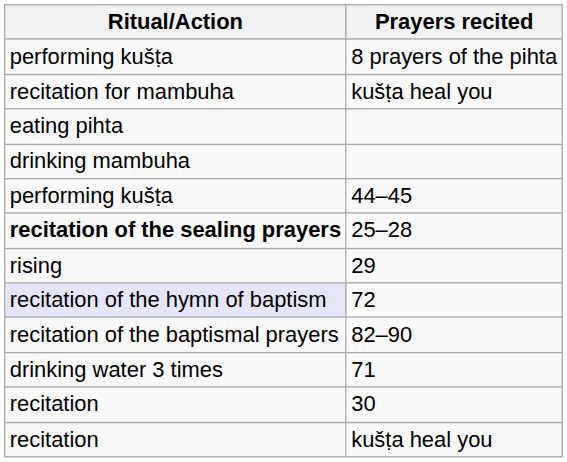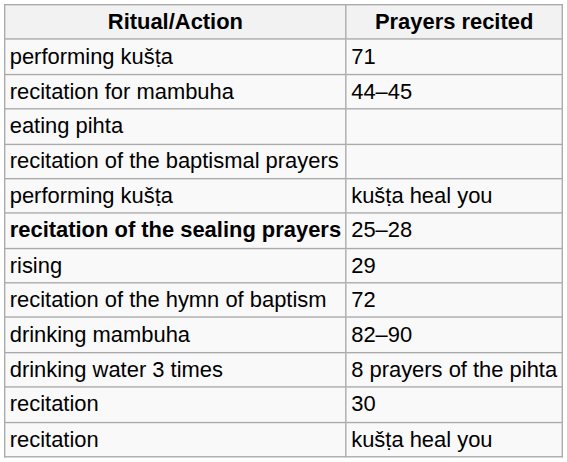 <table class="wikitable sortable">
 <tr>
 <th>Ritual/Action</th>
 <th>Prayers recited</th>
 </tr>
 <tr>
 <td>performing kušṭa</td>
-<td>8 prayers of the pihta</td>
+<td>71</td>
 </tr>
 <tr>
 <td>recitation for mambuha</td>
-<td>kušṭa heal you</td>
+<td>44–45</td>
 </tr>
 <tr>
 <td>eating pihta</td>
 <td></td>
 </tr>
 <tr>
-<td>drinking mambuha</td>
+<td>recitation of the baptismal prayers</td>
 <td></td>
 </tr>
 <tr>
 <td>performing kušṭa</td>
-<td>44–45</td>
+<td>kušṭa heal you</td>
 </tr>
 <tr>
 <td><strong>recitation of the sealing prayers</strong></td>
 <td>25–28</td>
 </tr>
 <tr>
 <td>rising</td>
 <td>29</td>
 </tr>
 <tr>
-<td style="background: lavender;">recitation of the hymn of baptism</td>
+<td>recitation of the hymn of baptism</td>
 <td>72</td>
 </tr>
 <tr>
-<td>recitation of the baptismal prayers</td>
+<td>drinking mambuha</td>
 <td>82–90</td>
 </tr>
 <tr>
 <td>drinking water 3 times</td>
-<td>71</td>
+<td>8 prayers of the pihta</td>
 </tr>
 <tr>
 <td>recitation</td>
 <td>30</td>
 </tr>
 <tr>
 <td>recitation</td>
 <td>kušṭa heal you</td>
 </tr>
 </table>
